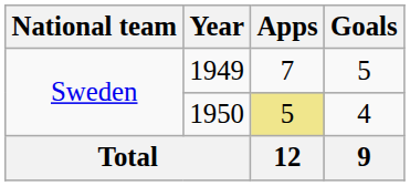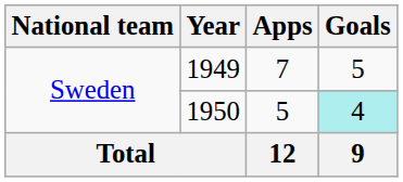 <table class="wikitable" style="text-align:center">
 <tr>
 <th>National team</th>
 <th>Year</th>
 <th>Apps</th>
 <th>Goals</th>
 </tr>
 <tr>
 <td rowspan="2"><a href='#'>Sweden</a></td>
 <td>1949</td>
 <td>7</td>
 <td>5</td>
 </tr>
 <tr>
 <td>1950</td>
-<td style="background: khaki;">5</td>
-<td>4</td>
+<td>5</td>
+<td style="background: paleturquoise;">4</td>
 </tr>
 <tr>
 <th colspan="2">Total</th>
 <th>12</th>
 <th>9</th>
 </tr>
 </table>
